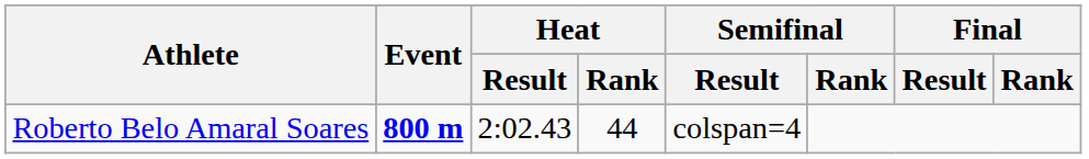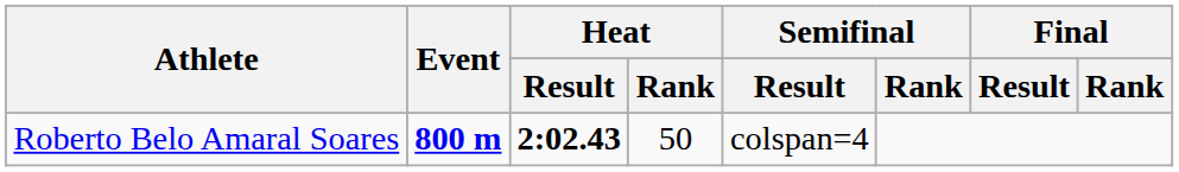 <table class="wikitable">
 <tr>
 <th rowspan="2">Athlete</th>
 <th rowspan="2">Event</th>
 <th colspan="2">Heat</th>
 <th colspan="2">Semifinal</th>
 <th colspan="2">Final</th>
 </tr>
 <tr>
 <th>Result</th>
 <th>Rank</th>
 <th>Result</th>
 <th>Rank</th>
 <th>Result</th>
 <th>Rank</th>
 </tr>
 <tr style=text-align:center>
 <td style=text-align:left><a href='#'>Roberto Belo Amaral Soares</a></td>
 <td style=text-align:left><strong><a href='#'>800 m</a></strong></td>
-<td>2:02.43</td>
-<td>44</td>
+<td><strong>2:02.43</strong></td>
+<td>50</td>
 <td>colspan=4 </td>
 </tr>
 </table>
